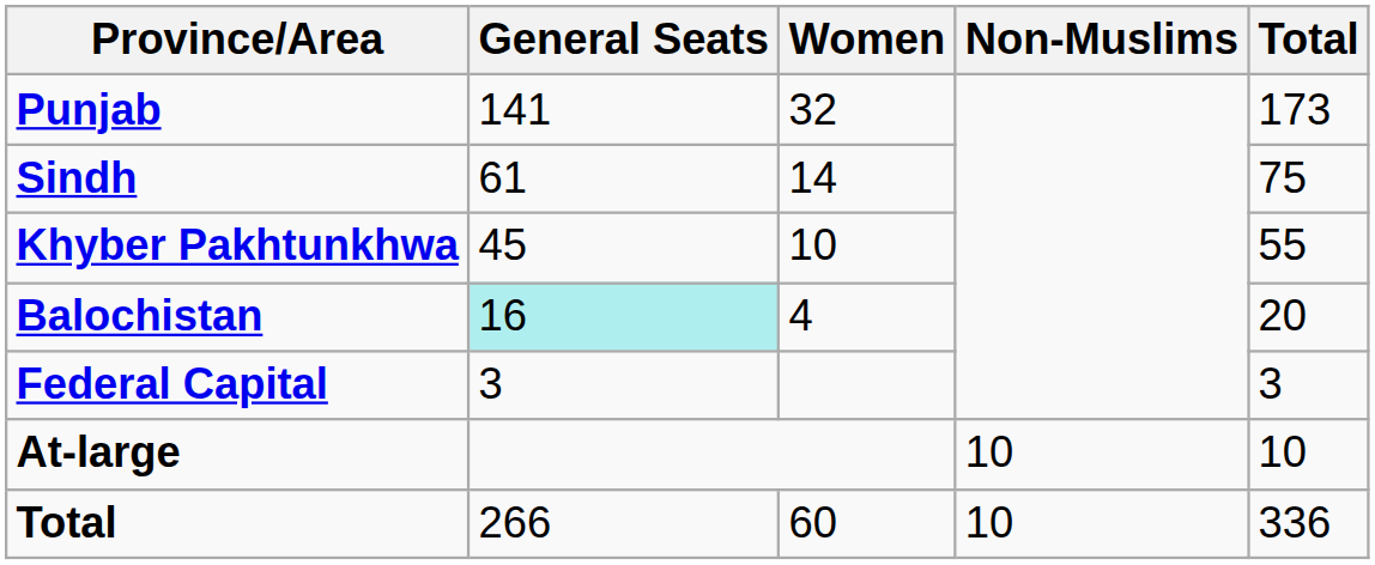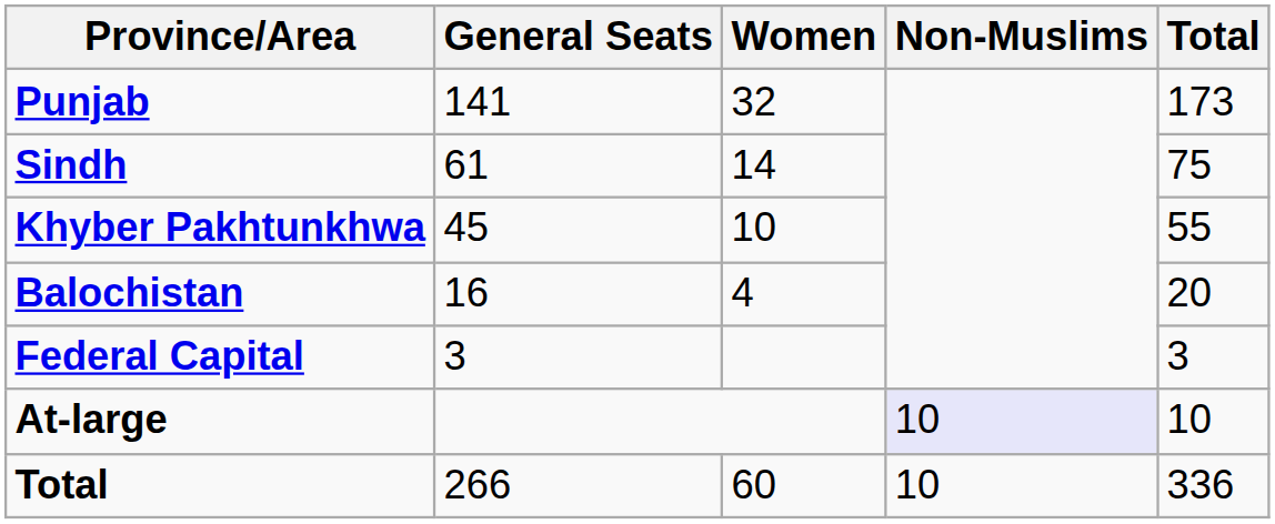 <table class="wikitable">
 <tr>
 <th><strong>Province/Area</strong></th>
 <th>General Seats</th>
 <th>Women</th>
 <th>Non-Muslims</th>
 <th>Total</th>
 </tr>
 <tr>
 <td><a href='#'><strong>Punjab</strong></a></td>
 <td>141</td>
 <td>32</td>
 <td rowspan="5"></td>
 <td>173</td>
 </tr>
 <tr>
 <td><strong><a href='#'>Sindh</a></strong></td>
 <td>61</td>
 <td>14</td>
 <td>75</td>
 </tr>
 <tr>
 <td><strong><a href='#'>Khyber Pakhtunkhwa</a></strong></td>
 <td>45</td>
 <td>10</td>
 <td>55</td>
 </tr>
 <tr>
 <td><a href='#'><strong>Balochistan</strong></a></td>
-<td style="background: paleturquoise;">16</td>
+<td>16</td>
 <td>4</td>
 <td>20</td>
 </tr>
 <tr>
 <td><a href='#'><strong>Federal Capital</strong></a></td>
 <td>3</td>
 <td></td>
 <td>3</td>
 </tr>
 <tr>
 <td><strong>At-large</strong></td>
 <td colspan="2"></td>
-<td>10</td>
+<td style="background: lavender;">10</td>
 <td>10</td>
 </tr>
 <tr>
 <td><strong>Total</strong></td>
 <td>266</td>
 <td>60</td>
 <td>10</td>
 <td>336</td>
 </tr>
 </table>
